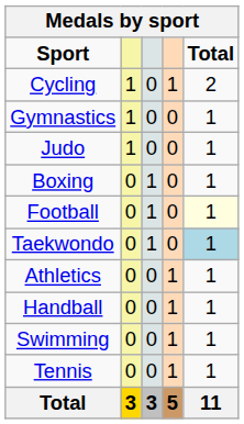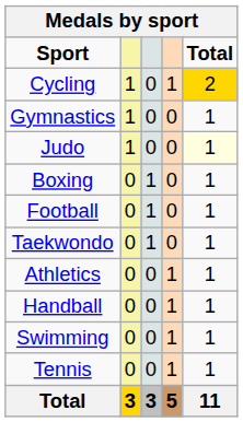 <table class="wikitable" style="font-size:85%; float:right;">
 <tr style="background:#efefef;">
 <th colspan=7>Medals by sport</th>
 </tr>
 <tr align=center>
 <td><strong>Sport</strong></td>
 <td style="background:#f7f6a8;"></td>
 <td style="background:#dce5e5;"></td>
 <td style="background:#ffdab9;"></td>
 <td><strong>Total</strong></td>
 </tr>
 <tr align=center>
 <td><a href='#'>Cycling</a></td>
 <td style="background:#f7f6a8;">1</td>
 <td style="background:#dce5e5;">0</td>
 <td style="background:#ffdab9;">1</td>
-<td>2</td>
+<td style="background: gold;">2</td>
 </tr>
 <tr align=center>
 <td><a href='#'>Gymnastics</a></td>
 <td style="background:#f7f6a8;">1</td>
 <td style="background:#dce5e5;">0</td>
 <td style="background:#ffdab9;">0</td>
 <td>1</td>
 </tr>
 <tr align=center>
 <td><a href='#'>Judo</a></td>
 <td style="background:#f7f6a8;">1</td>
 <td style="background:#dce5e5;">0</td>
 <td style="background:#ffdab9;">0</td>
-<td>1</td>
+<td style="background: lightyellow;">1</td>
 </tr>
 <tr align=center>
 <td><a href='#'>Boxing</a></td>
 <td style="background:#f7f6a8;">0</td>
 <td style="background:#dce5e5;">1</td>
 <td style="background:#ffdab9;">0</td>
 <td>1</td>
 </tr>
 <tr align=center>
 <td><a href='#'>Football</a></td>
 <td style="background:#f7f6a8;">0</td>
 <td style="background:#dce5e5;">1</td>
 <td style="background:#ffdab9;">0</td>
-<td style="background: lightyellow;">1</td>
+<td>1</td>
 </tr>
 <tr align=center>
 <td><a href='#'>Taekwondo</a></td>
 <td style="background:#f7f6a8;">0</td>
 <td style="background:#dce5e5;">1</td>
 <td style="background:#ffdab9;">0</td>
-<td style="background: lightblue;">1</td>
+<td>1</td>
 </tr>
 <tr align=center>
 <td><a href='#'>Athletics</a></td>
 <td style="background:#f7f6a8;">0</td>
 <td style="background:#dce5e5;">0</td>
 <td style="background:#ffdab9;">1</td>
 <td>1</td>
 </tr>
 <tr align=center>
 <td><a href='#'>Handball</a></td>
 <td style="background:#f7f6a8;">0</td>
 <td style="background:#dce5e5;">0</td>
 <td style="background:#ffdab9;">1</td>
 <td>1</td>
 </tr>
 <tr align=center>
 <td><a href='#'>Swimming</a></td>
 <td style="background:#f7f6a8;">0</td>
 <td style="background:#dce5e5;">0</td>
 <td style="background:#ffdab9;">1</td>
 <td>1</td>
 </tr>
 <tr align=center>
 <td><a href='#'>Tennis</a></td>
 <td style="background:#f7f6a8;">0</td>
 <td style="background:#dce5e5;">0</td>
 <td style="background:#ffdab9;">1</td>
 <td>1</td>
 </tr>
 <tr align=center>
 <th>Total</th>
 <th style="background:gold;">3</th>
 <th style="background:silver;">3</th>
 <th style="background:#c96;">5</th>
 <th>11</th>
 </tr>
 </table>
